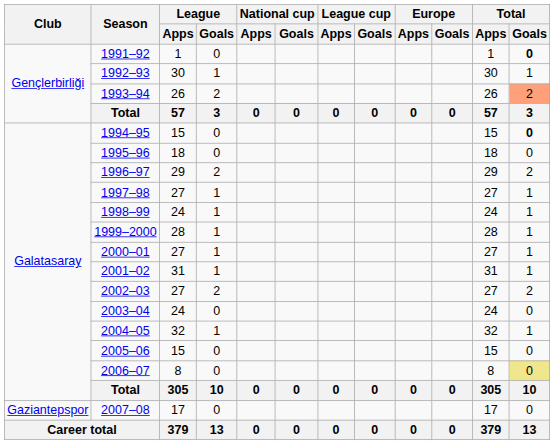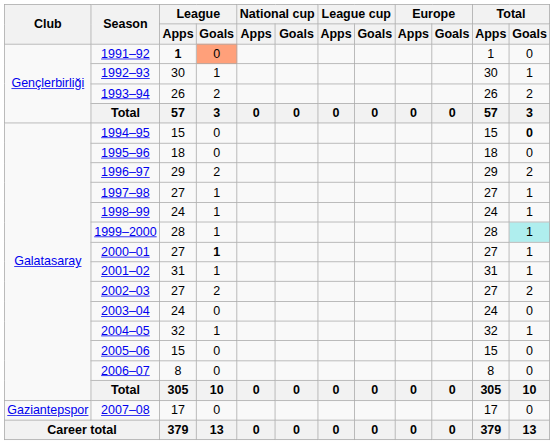 <table class="wikitable" style="text-align:center">
 <tr>
 <th rowspan="2">Club</th>
 <th rowspan="2">Season</th>
 <th colspan="2">League</th>
 <th colspan="2">National cup</th>
 <th colspan="2">League cup</th>
 <th colspan="2">Europe</th>
 <th colspan="2">Total</th>
 </tr>
 <tr>
 <th>Apps</th>
 <th>Goals</th>
 <th>Apps</th>
 <th>Goals</th>
 <th>Apps</th>
 <th>Goals</th>
 <th>Apps</th>
 <th>Goals</th>
 <th>Apps</th>
 <th>Goals</th>
 </tr>
 <tr>
 <td rowspan="4"><a href='#'>Gençlerbirliği</a></td>
 <td><a href='#'>1991–92</a></td>
-<td>1</td>
-<td>0</td>
+<td><strong>1</strong></td>
+<td style="background: lightsalmon;">0</td>
 <td></td>
 <td></td>
 <td></td>
 <td></td>
 <td></td>
 <td></td>
 <td>1</td>
-<td><strong>0</strong></td>
+<td>0</td>
 </tr>
 <tr>
 <td><a href='#'>1992–93</a></td>
 <td>30</td>
 <td>1</td>
 <td></td>
 <td></td>
 <td></td>
 <td></td>
 <td></td>
 <td></td>
 <td>30</td>
 <td>1</td>
 </tr>
 <tr>
 <td><a href='#'>1993–94</a></td>
 <td>26</td>
 <td>2</td>
 <td></td>
 <td></td>
 <td></td>
 <td></td>
 <td></td>
 <td></td>
 <td>26</td>
-<td style="background: lightsalmon;">2</td>
+<td>2</td>
 </tr>
 <tr>
 <th>Total</th>
 <th>57</th>
 <th>3</th>
 <th>0</th>
 <th>0</th>
 <th>0</th>
 <th>0</th>
 <th>0</th>
 <th>0</th>
 <th>57</th>
 <th>3</th>
 </tr>
 <tr>
 <td rowspan="14"><a href='#'>Galatasaray</a></td>
 <td><a href='#'>1994–95</a></td>
 <td>15</td>
 <td>0</td>
 <td></td>
 <td></td>
 <td></td>
 <td></td>
 <td></td>
 <td></td>
 <td>15</td>
 <td><strong>0</strong></td>
 </tr>
 <tr>
 <td><a href='#'>1995–96</a></td>
 <td>18</td>
 <td>0</td>
 <td></td>
 <td></td>
 <td></td>
 <td></td>
 <td></td>
 <td></td>
 <td>18</td>
 <td>0</td>
 </tr>
 <tr>
 <td><a href='#'>1996–97</a></td>
 <td>29</td>
 <td>2</td>
 <td></td>
 <td></td>
 <td></td>
 <td></td>
 <td></td>
 <td></td>
 <td>29</td>
 <td>2</td>
 </tr>
 <tr>
 <td><a href='#'>1997–98</a></td>
 <td>27</td>
 <td>1</td>
 <td></td>
 <td></td>
 <td></td>
 <td></td>
 <td></td>
 <td></td>
 <td>27</td>
 <td>1</td>
 </tr>
 <tr>
 <td><a href='#'>1998–99</a></td>
 <td>24</td>
 <td>1</td>
 <td></td>
 <td></td>
 <td></td>
 <td></td>
 <td></td>
 <td></td>
 <td>24</td>
 <td>1</td>
 </tr>
 <tr>
 <td><a href='#'>1999–2000</a></td>
 <td>28</td>
 <td>1</td>
 <td></td>
 <td></td>
 <td></td>
 <td></td>
 <td></td>
 <td></td>
 <td>28</td>
-<td>1</td>
+<td style="background: paleturquoise;">1</td>
 </tr>
 <tr>
 <td><a href='#'>2000–01</a></td>
 <td>27</td>
-<td>1</td>
+<td><strong>1</strong></td>
 <td></td>
 <td></td>
 <td></td>
 <td></td>
 <td></td>
 <td></td>
 <td>27</td>
 <td>1</td>
 </tr>
 <tr>
 <td><a href='#'>2001–02</a></td>
 <td>31</td>
 <td>1</td>
 <td></td>
 <td></td>
 <td></td>
 <td></td>
 <td></td>
 <td></td>
 <td>31</td>
 <td>1</td>
 </tr>
 <tr>
 <td><a href='#'>2002–03</a></td>
 <td>27</td>
 <td>2</td>
 <td></td>
 <td></td>
 <td></td>
 <td></td>
 <td></td>
 <td></td>
 <td>27</td>
 <td>2</td>
 </tr>
 <tr>
 <td><a href='#'>2003–04</a></td>
 <td>24</td>
 <td>0</td>
 <td></td>
 <td></td>
 <td></td>
 <td></td>
 <td></td>
 <td></td>
 <td>24</td>
 <td>0</td>
 </tr>
 <tr>
 <td><a href='#'>2004–05</a></td>
 <td>32</td>
 <td>1</td>
 <td></td>
 <td></td>
 <td></td>
 <td></td>
 <td></td>
 <td></td>
 <td>32</td>
 <td>1</td>
 </tr>
 <tr>
 <td><a href='#'>2005–06</a></td>
 <td>15</td>
 <td>0</td>
 <td></td>
 <td></td>
 <td></td>
 <td></td>
 <td></td>
 <td></td>
 <td>15</td>
 <td>0</td>
 </tr>
 <tr>
 <td><a href='#'>2006–07</a></td>
 <td>8</td>
 <td>0</td>
 <td></td>
 <td></td>
 <td></td>
 <td></td>
 <td></td>
 <td></td>
 <td>8</td>
-<td style="background: khaki;">0</td>
+<td>0</td>
 </tr>
 <tr>
 <th>Total</th>
 <th>305</th>
 <th>10</th>
 <th>0</th>
 <th>0</th>
 <th>0</th>
 <th>0</th>
 <th>0</th>
 <th>0</th>
 <th>305</th>
 <th>10</th>
 </tr>
 <tr>
 <td><a href='#'>Gaziantepspor</a></td>
 <td><a href='#'>2007–08</a></td>
 <td>17</td>
 <td>0</td>
 <td></td>
 <td></td>
 <td></td>
 <td></td>
 <td></td>
 <td></td>
 <td>17</td>
 <td>0</td>
 </tr>
 <tr>
 <th colspan="2">Career total</th>
 <th>379</th>
 <th>13</th>
 <th>0</th>
 <th>0</th>
 <th>0</th>
 <th>0</th>
 <th>0</th>
 <th>0</th>
 <th>379</th>
 <th>13</th>
 </tr>
 </table>
